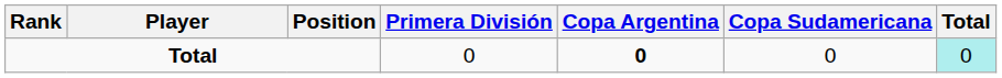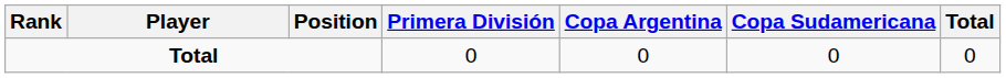 <table class="wikitable">
 <tr>
 <th>Rank</th>
 <th style="width:160px;">Player</th>
 <th>Position</th>
 <th><a href='#'>Primera División</a></th>
 <th><a href='#'>Copa Argentina</a></th>
 <th><a href='#'>Copa Sudamericana</a></th>
 <th>Total</th>
 </tr>
 <tr>
 <td align=center colspan=3><strong>Total</strong></td>
 <td align=center>0</td>
-<td align=center><strong>0</strong></td>
 <td align=center>0</td>
-<td align=center style="background: paleturquoise;">0</td>
+<td align=center>0</td>
+<td align=center>0</td>
 </tr>
 </table>
